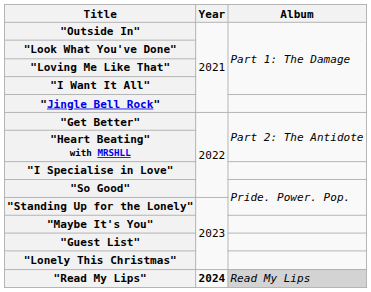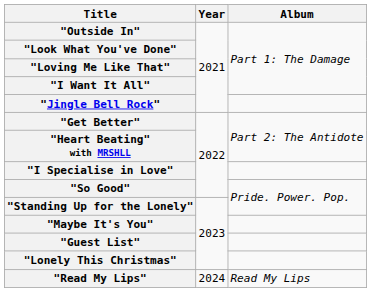 <table class="wikitable plainrowheaders" border="1">
 <tr>
 <th scope="col">Title</th>
 <th scope="col">Year</th>
 <th scope="col">Album</th>
 </tr>
 <tr>
 <th scope="row">"Outside In"</th>
 <td rowspan="5">2021</td>
 <td rowspan="4"><em>Part 1: The Damage</em></td>
 </tr>
 <tr>
 <th scope="row">"Look What You've Done"<br></th>
 </tr>
 <tr>
 <th scope="row">"Loving Me Like That"</th>
 </tr>
 <tr>
 <th scope="row">"I Want It All"</th>
 </tr>
 <tr>
 <th scope="row">"<a href='#'>Jingle Bell Rock</a>"<br></th>
 <td></td>
 </tr>
 <tr>
 <th scope="row">"Get Better"</th>
 <td rowspan="4">2022</td>
 <td rowspan="2"><em>Part 2: The Antidote</em></td>
 </tr>
 <tr>
 <th scope="row">"Heart Beating" <br><small>with <a href='#'>MRSHLL</a></small></th>
 </tr>
 <tr>
 <th scope="row">"I Specialise in Love"</th>
 <td></td>
 </tr>
 <tr>
 <th scope="row">"So Good"</th>
 <td rowspan="2"><em>Pride. Power. Pop.</em></td>
 </tr>
 <tr>
 <th scope="row">"Standing Up for the Lonely"</th>
 <td rowspan="4">2023</td>
 </tr>
 <tr>
 <th scope="row">"Maybe It's You"</th>
 <td></td>
 </tr>
 <tr>
 <th scope="row">"Guest List"</th>
 <td></td>
 </tr>
 <tr>
 <th scope="row">"Lonely This Christmas"</th>
 <td></td>
 </tr>
 <tr>
 <th scope="row">"Read My Lips"</th>
-<td><strong>2024</strong></td>
-<td style="background: lightgrey;"><em>Read My Lips</em></td>
+<td>2024</td>
+<td><em>Read My Lips</em></td>
 </tr>
 </table>
